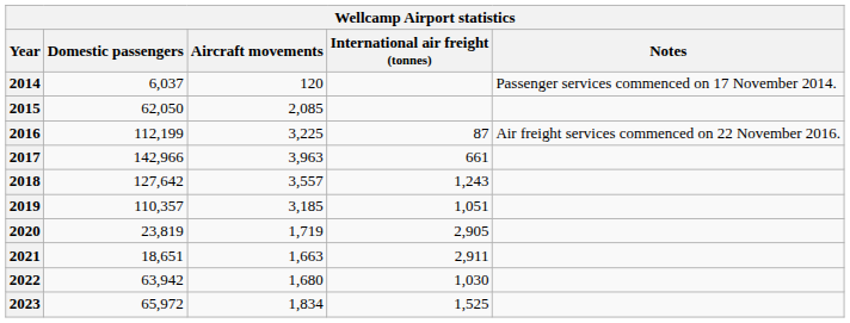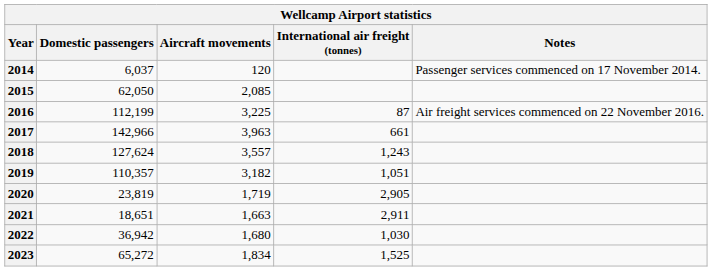 <table class="wikitable" style="margin:1em auto; text-size:100%; text-align:right">
 <tr>
 <th style="text-align:center;" colspan="5">Wellcamp Airport statistics</th>
 </tr>
 <tr>
 <th>Year</th>
 <th>Domestic passengers</th>
 <th>Aircraft movements</th>
 <th>International air freight<br><small>(tonnes)</small></th>
 <th>Notes</th>
 </tr>
 <tr>
 <th>2014</th>
 <td>6,037</td>
 <td>120</td>
 <td></td>
 <td style="text-align:left;">Passenger services commenced on 17 November 2014.</td>
 </tr>
 <tr>
 <th>2015</th>
 <td>62,050</td>
 <td>2,085</td>
 <td></td>
 <td></td>
 </tr>
 <tr>
 <th>2016</th>
 <td>112,199</td>
 <td>3,225</td>
 <td>87</td>
 <td style="text-align:left;">Air freight services commenced on 22 November 2016.</td>
 </tr>
 <tr>
 <th>2017</th>
 <td>142,966</td>
 <td>3,963</td>
 <td>661</td>
 <td></td>
 </tr>
 <tr>
 <th>2018</th>
-<td>127,642</td>
+<td>127,624</td>
 <td>3,557</td>
 <td>1,243</td>
 <td></td>
 </tr>
 <tr>
 <th>2019</th>
 <td>110,357</td>
-<td>3,185</td>
+<td>3,182</td>
 <td>1,051</td>
 <td></td>
 </tr>
 <tr>
 <th>2020</th>
 <td>23,819</td>
 <td>1,719</td>
 <td>2,905</td>
 <td></td>
 </tr>
 <tr>
 <th>2021</th>
 <td>18,651</td>
 <td>1,663</td>
 <td>2,911</td>
 <td></td>
 </tr>
 <tr>
 <th>2022</th>
-<td>63,942</td>
+<td>36,942</td>
 <td>1,680</td>
 <td>1,030</td>
 <td></td>
 </tr>
 <tr>
 <th>2023</th>
-<td>65,972</td>
+<td>65,272</td>
 <td>1,834</td>
 <td>1,525</td>
 <td></td>
 </tr>
 </table>
